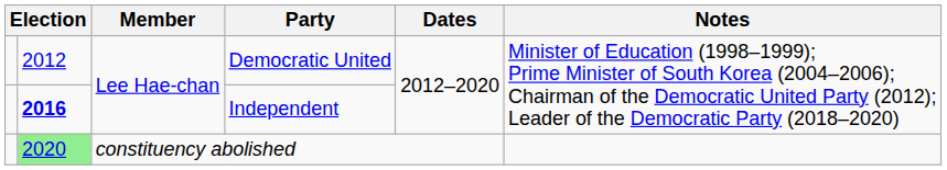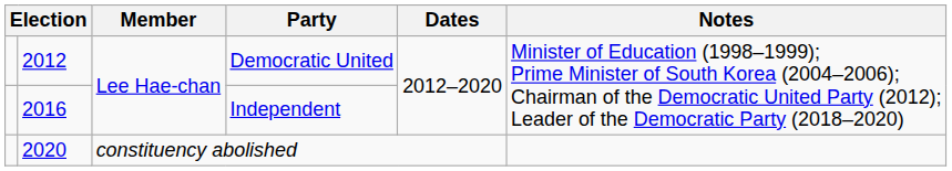 <table class="wikitable">
 <tr>
 <th colspan="2">Election</th>
 <th>Member</th>
 <th>Party</th>
 <th>Dates</th>
 <th>Notes</th>
 </tr>
 <tr>
 <td bgcolor=></td>
 <td><a href='#'>2012</a></td>
 <td rowspan="2"><a href='#'>Lee Hae-chan</a></td>
 <td><a href='#'>Democratic United</a></td>
 <td rowspan="2">2012–2020</td>
 <td rowspan="2"><a href='#'>Minister of Education</a> (1998–1999);<br><a href='#'>Prime Minister of South Korea</a> (2004–2006);<br>Chairman of the <a href='#'>Democratic United Party</a> (2012);<br>Leader of the <a href='#'>Democratic Party</a> (2018–2020)</td>
 </tr>
 <tr>
 <td bgcolor=></td>
-<td><strong><a href='#'>2016</a></strong></td>
+<td><a href='#'>2016</a></td>
 <td><a href='#'>Independent</a></td>
 </tr>
 <tr>
 <td></td>
-<td style="background: lightgreen;"><a href='#'>2020</a></td>
+<td><a href='#'>2020</a></td>
 <td colspan="3"><em>constituency abolished</em></td>
 <td></td>
 </tr>
 </table>
